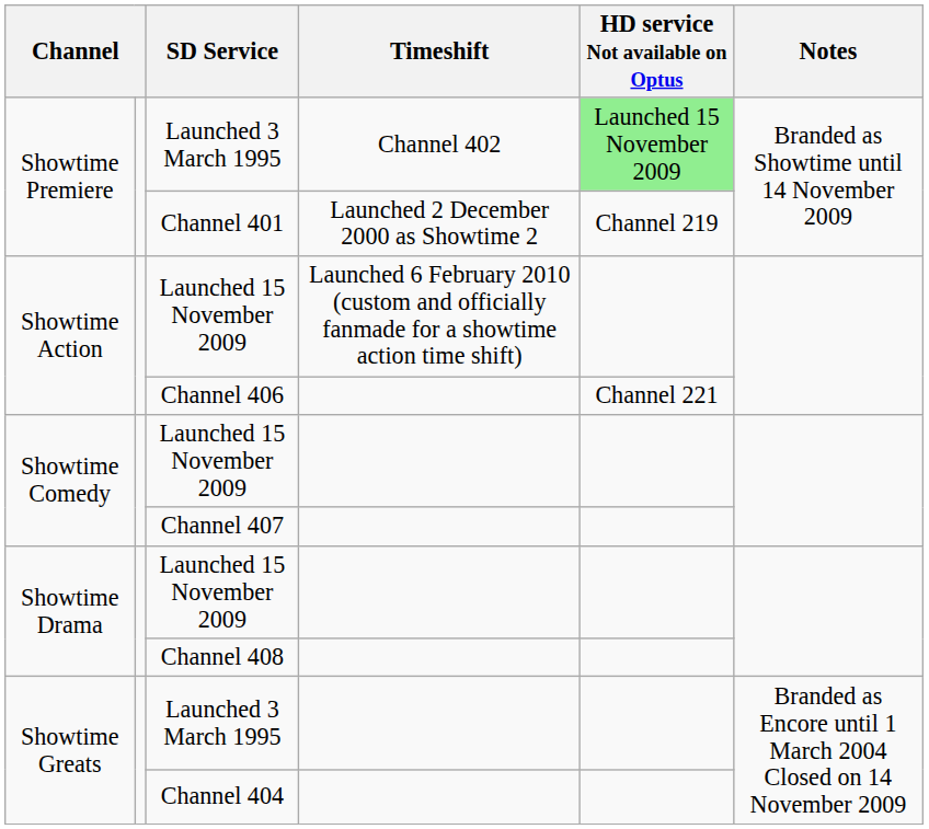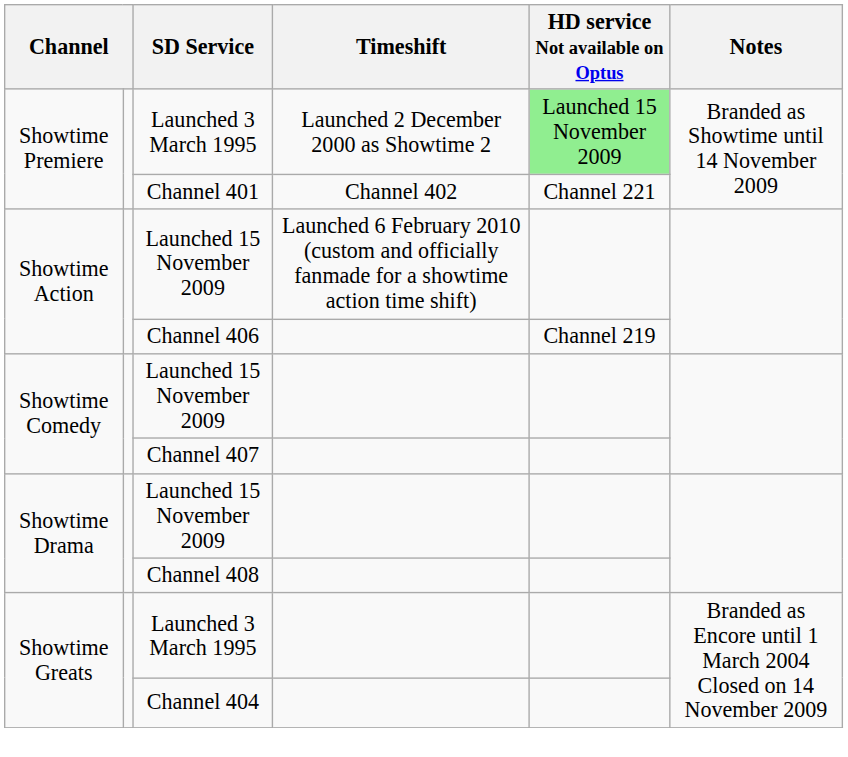 <table class="wikitable" style="text-align: center;">
 <tr>
 <th colspan="2">Channel</th>
 <th>SD Service</th>
 <th>Timeshift</th>
 <th>HD service<br><small>Not available on <a href='#'>Optus</a></small></th>
 <th>Notes</th>
 </tr>
 <tr>
 <td rowspan="2">Showtime Premiere</td>
 <td rowspan="2"></td>
 <td>Launched 3 March 1995</td>
-<td>Channel 402</td>
+<td>Launched 2 December 2000 as Showtime 2</td>
 <td style="background: lightgreen;">Launched 15 November 2009</td>
 <td rowspan="2">Branded as Showtime until 14 November 2009</td>
 </tr>
 <tr>
 <td>Channel 401</td>
-<td>Launched 2 December 2000 as Showtime 2</td>
-<td>Channel 219</td>
+<td>Channel 402</td>
+<td>Channel 221</td>
 </tr>
 <tr>
 <td rowspan="2">Showtime Action</td>
 <td rowspan="2"></td>
 <td>Launched 15 November 2009</td>
 <td>Launched 6 February 2010 (custom and officially fanmade for a showtime action time shift)</td>
 <td></td>
 <td rowspan="2"></td>
 </tr>
 <tr>
 <td>Channel 406</td>
 <td></td>
-<td>Channel 221</td>
+<td>Channel 219</td>
 </tr>
 <tr>
 <td rowspan="2">Showtime Comedy</td>
 <td rowspan="2"></td>
 <td>Launched 15 November 2009</td>
 <td></td>
 <td></td>
 <td rowspan="2"></td>
 </tr>
 <tr>
 <td>Channel 407</td>
 <td></td>
 <td></td>
 </tr>
 <tr>
 <td rowspan="2">Showtime Drama</td>
 <td rowspan="2"></td>
 <td>Launched 15 November 2009</td>
 <td></td>
 <td></td>
 <td rowspan="2"></td>
 </tr>
 <tr>
 <td>Channel 408</td>
 <td></td>
 <td></td>
 </tr>
 <tr>
 <td rowspan="2">Showtime Greats</td>
 <td rowspan="2"></td>
 <td>Launched 3 March 1995</td>
 <td></td>
 <td></td>
 <td rowspan="2">Branded as Encore until 1 March 2004<br>Closed on 14 November 2009</td>
 </tr>
 <tr>
 <td>Channel 404</td>
 <td></td>
 <td></td>
 </tr>
 </table>
